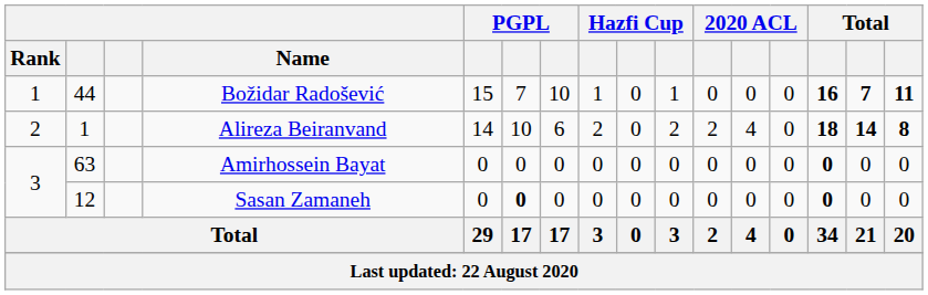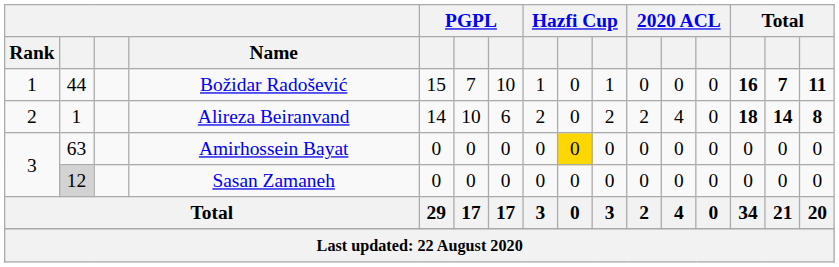 <table class="wikitable sortable" style="text-align:center; font-size:95%;">
 <tr>
 <th colspan="4"></th>
 <th colspan="3"><a href='#'>PGPL</a></th>
 <th colspan="3"><a href='#'>Hazfi Cup</a></th>
 <th colspan="3"><a href='#'>2020 ACL</a></th>
 <th colspan="3">Total</th>
 </tr>
 <tr>
 <th width=20>Rank</th>
 <th width=20></th>
 <th width=20></th>
 <th width=220>Name</th>
 <th width=20></th>
 <th width=20></th>
 <th width=20></th>
 <th width=20></th>
 <th width=20></th>
 <th width=20></th>
 <th width=20></th>
 <th width=20></th>
 <th width=20></th>
 <th width=20></th>
 <th width=20></th>
 <th width=20></th>
 </tr>
 <tr>
 <td>1</td>
 <td>44</td>
 <td></td>
 <td><a href='#'>Božidar Radošević</a></td>
 <td>15</td>
 <td>7</td>
 <td>10</td>
 <td>1</td>
 <td>0</td>
 <td>1</td>
 <td>0</td>
 <td>0</td>
 <td>0</td>
 <td><strong>16</strong></td>
 <td><strong>7</strong></td>
 <td><strong>11</strong></td>
 </tr>
 <tr>
 <td>2</td>
 <td>1</td>
 <td></td>
 <td><a href='#'>Alireza Beiranvand</a></td>
 <td>14</td>
 <td>10</td>
 <td>6</td>
 <td>2</td>
 <td>0</td>
 <td>2</td>
 <td>2</td>
 <td>4</td>
 <td>0</td>
 <td><strong>18</strong></td>
 <td><strong>14</strong></td>
 <td><strong>8</strong></td>
 </tr>
 <tr>
 <td rowspan=2>3</td>
 <td>63</td>
 <td></td>
 <td><a href='#'>Amirhossein Bayat</a></td>
 <td>0</td>
 <td>0</td>
 <td>0</td>
 <td>0</td>
-<td>0</td>
-<td>0</td>
-<td>0</td>
-<td>0</td>
-<td>0</td>
-<td><strong>0</strong></td>
-<td>0</td>
-<td>0</td>
-</tr>
-<tr>
-<td>12</td>
-<td></td>
-<td><a href='#'>Sasan Zamaneh</a></td>
-<td>0</td>
-<td><strong>0</strong></td>
+<td style="background: gold;">0</td>
 <td>0</td>
 <td>0</td>
 <td>0</td>
 <td>0</td>
 <td>0</td>
 <td>0</td>
 <td>0</td>
-<td><strong>0</strong></td>
+</tr>
+<tr>
+<td style="background: lightgrey;">12</td>
+<td></td>
+<td><a href='#'>Sasan Zamaneh</a></td>
+<td>0</td>
+<td>0</td>
+<td>0</td>
+<td>0</td>
+<td>0</td>
+<td>0</td>
+<td>0</td>
+<td>0</td>
+<td>0</td>
+<td>0</td>
 <td>0</td>
 <td>0</td>
 </tr>
 <tr>
 <th colspan="4">Total</th>
 <th>29</th>
 <th>17</th>
 <th>17</th>
 <th>3</th>
 <th>0</th>
 <th>3</th>
 <th>2</th>
 <th>4</th>
 <th>0</th>
 <th>34</th>
 <th>21</th>
 <th>20</th>
 </tr>
 <tr>
 </tr>
 <tr align=left style="background:#DCDCDC">
 <th colspan="19"><small>Last updated: 22 August 2020</small></th>
 </tr>
 </table>
